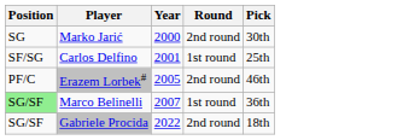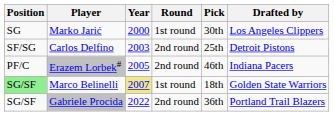 <table class="wikitable sortable" style="text-align: left;">
 <tr>
 <th>Position</th>
 <th>Player</th>
 <th>Year</th>
 <th>Round</th>
 <th>Pick</th>
+<th>Drafted by</th>
 </tr>
 <tr>
 <td>SG</td>
 <td> <a href='#'>Marko Jarić</a></td>
 <td><a href='#'>2000</a></td>
-<td>2nd round</td>
+<td>1st round</td>
 <td>30th</td>
+<td><a href='#'>Los Angeles Clippers</a></td>
 </tr>
 <tr>
 <td>SF/SG</td>
 <td> <a href='#'>Carlos Delfino</a></td>
-<td><a href='#'>2001</a></td>
-<td>1st round</td>
+<td><a href='#'>2003</a></td>
+<td>2nd round</td>
 <td>25th</td>
+<td><a href='#'>Detroit Pistons</a></td>
 </tr>
 <tr>
 <td>PF/C</td>
 <td style="background:silver;"> <a href='#'>Erazem Lorbek</a><sup>#</sup></td>
 <td><a href='#'>2005</a></td>
 <td>2nd round</td>
 <td>46th</td>
+<td><a href='#'>Indiana Pacers</a></td>
 </tr>
 <tr>
 <td style="background: lightgreen;">SG/SF</td>
 <td> <a href='#'>Marco Belinelli</a></td>
-<td><a href='#'>2007</a></td>
+<td style="background: khaki;"><a href='#'>2007</a></td>
 <td>1st round</td>
-<td>36th</td>
+<td>18th</td>
+<td><a href='#'>Golden State Warriors</a></td>
 </tr>
 <tr>
 <td>SG/SF</td>
 <td style="background:silver;"> <a href='#'>Gabriele Procida</a></td>
 <td><a href='#'>2022</a></td>
 <td>2nd round</td>
-<td>18th</td>
+<td>36th</td>
+<td><a href='#'>Portland Trail Blazers</a></td>
 </tr>
 </table>
